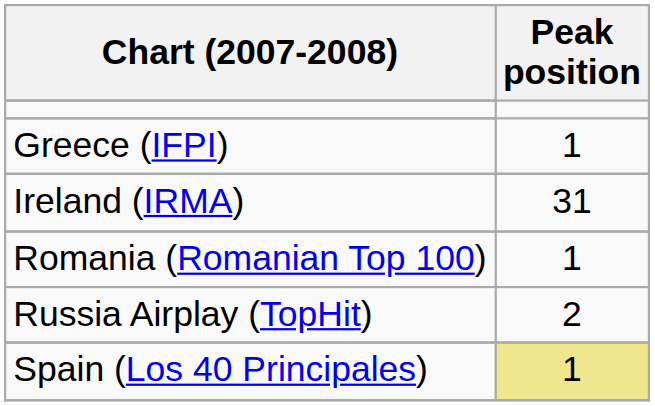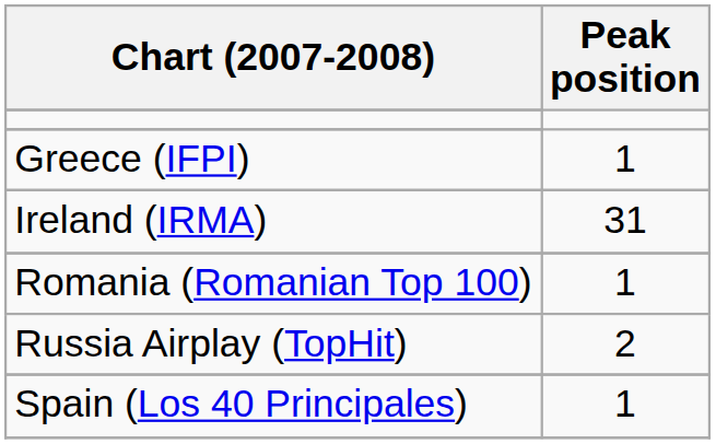 <table class="wikitable sortable">
 <tr>
 <th>Chart (2007-2008)</th>
 <th>Peak<br>position</th>
 </tr>
 <tr>
 </tr>
 <tr>
 </tr>
 <tr>
 </tr>
 <tr>
 <td></td>
 </tr>
 <tr>
 </tr>
 <tr>
 </tr>
 <tr>
 </tr>
 <tr>
 <td>Greece (<a href='#'>IFPI</a>)</td>
 <td align="center">1</td>
 </tr>
 <tr>
 </tr>
 <tr>
 </tr>
 <tr>
 <td>Ireland (<a href='#'>IRMA</a>)</td>
 <td align="center">31</td>
 </tr>
 <tr>
 </tr>
 <tr>
 </tr>
 <tr>
 </tr>
 <tr>
 <td>Romania (<a href='#'>Romanian Top 100</a>)</td>
 <td align="center">1</td>
 </tr>
 <tr>
 <td>Russia Airplay (<a href='#'>TopHit</a>)</td>
 <td align="center">2</td>
 </tr>
 <tr>
 </tr>
 <tr>
 </tr>
 <tr>
 <td>Spain (<a href='#'>Los 40 Principales</a>)</td>
-<td style="background: khaki; text-align:center;">1</td>
+<td style="text-align:center;">1</td>
 </tr>
 <tr>
 </tr>
 <tr>
 </tr>
 <tr>
 </tr>
 <tr>
 </tr>
 <tr>
 </tr>
 </table>
